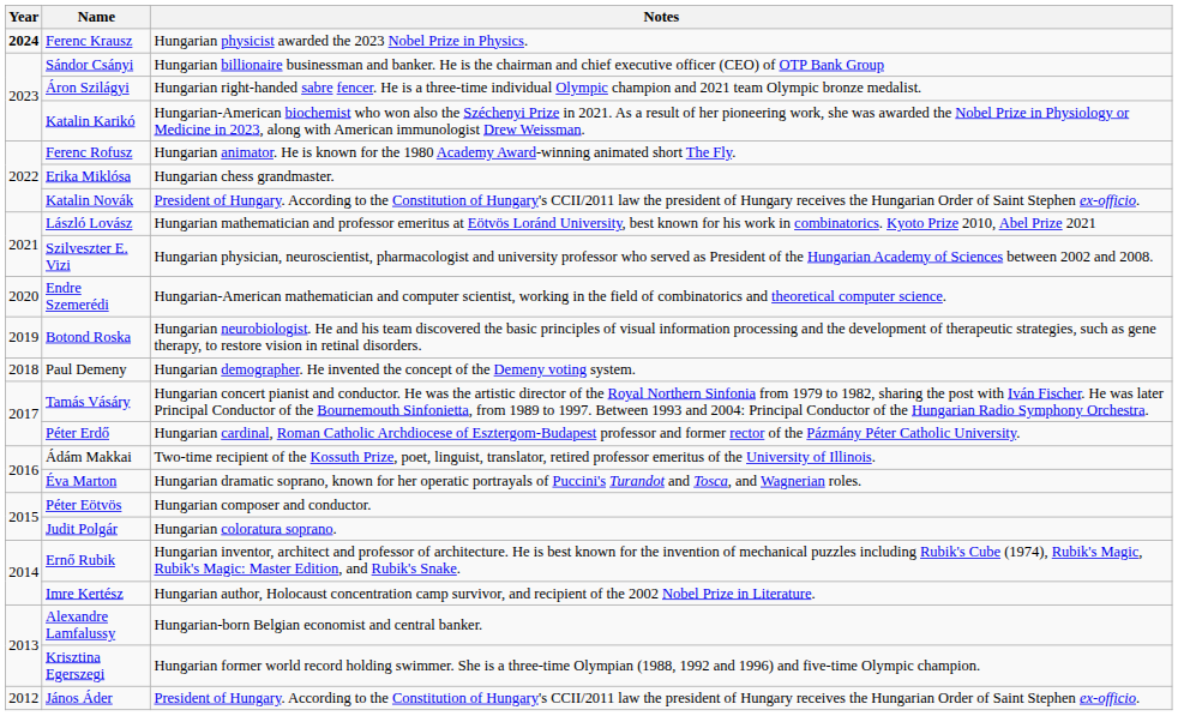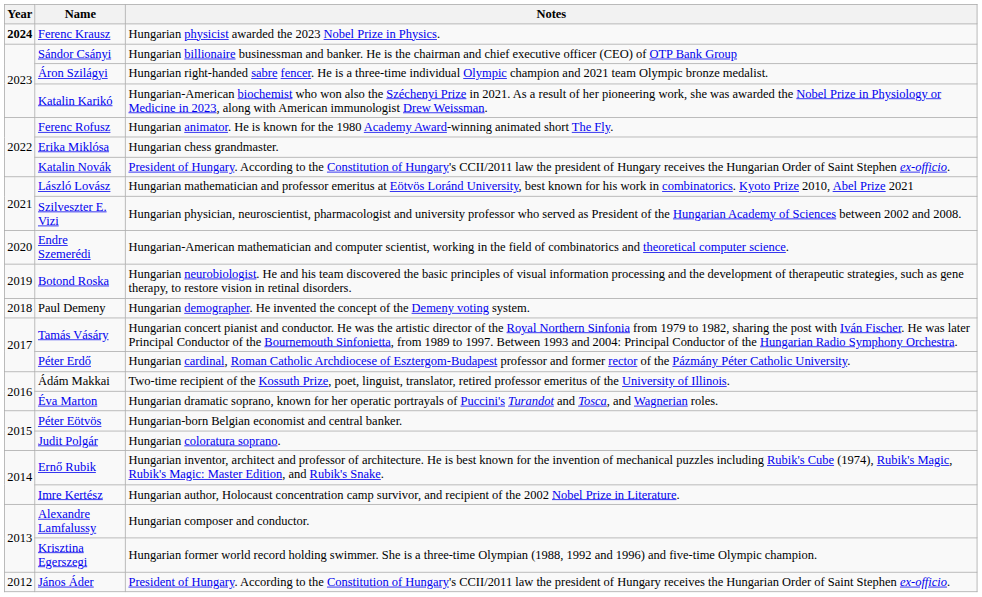 <table class="wikitable sortable">
 <tr>
 <th>Year</th>
 <th>Name</th>
 <th>Notes</th>
 </tr>
 <tr>
 <td rowspan="1”"><strong>2024</strong></td>
 <td><a href='#'>Ferenc Krausz</a></td>
 <td>Hungarian <a href='#'>physicist</a> awarded the 2023 <a href='#'>Nobel Prize in Physics</a>.</td>
 </tr>
 <tr>
 <td rowspan="3">2023</td>
 <td><a href='#'>Sándor Csányi</a></td>
 <td>Hungarian <a href='#'>billionaire</a> businessman and banker. He is the chairman and chief executive officer (CEO) of <a href='#'>OTP Bank Group</a></td>
 </tr>
 <tr>
 <td><a href='#'>Áron Szilágyi</a></td>
 <td>Hungarian right-handed <a href='#'>sabre</a> <a href='#'>fencer</a>. He is a three-time individual <a href='#'>Olympic</a> champion and 2021 team Olympic bronze medalist.</td>
 </tr>
 <tr>
 <td><a href='#'>Katalin Karikó</a></td>
 <td>Hungarian-American <a href='#'>biochemist</a> who won also the <a href='#'>Széchenyi Prize</a> in 2021. As a result of her pioneering work, she was awarded the <a href='#'>Nobel Prize in Physiology or Medicine in 2023</a>, along with American immunologist <a href='#'>Drew Weissman</a>.</td>
 </tr>
 <tr>
 <td rowspan="3">2022</td>
 <td><a href='#'>Ferenc Rofusz</a></td>
 <td>Hungarian <a href='#'>animator</a>. He is known for the 1980 <a href='#'>Academy Award</a>-winning animated short <a href='#'>The Fly</a>.</td>
 </tr>
 <tr>
 <td><a href='#'>Erika Miklósa</a></td>
 <td>Hungarian chess grandmaster.</td>
 </tr>
 <tr>
 <td><a href='#'>Katalin Novák</a></td>
 <td><a href='#'>President of Hungary</a>. According to the <a href='#'>Constitution of Hungary</a>'s CCII/2011 law  the president of Hungary receives the Hungarian Order of Saint Stephen <em><a href='#'>ex-officio</a></em>.</td>
 </tr>
 <tr>
 <td rowspan="2">2021</td>
 <td><a href='#'>László Lovász</a></td>
 <td>Hungarian mathematician and professor emeritus at <a href='#'>Eötvös Loránd University</a>, best known for his work in <a href='#'>combinatorics</a>. <a href='#'>Kyoto Prize</a> 2010, <a href='#'>Abel Prize</a> 2021</td>
 </tr>
 <tr>
 <td><a href='#'>Szilveszter E. Vizi</a></td>
 <td>Hungarian physician, neuroscientist, pharmacologist and university professor who served as President of the <a href='#'>Hungarian Academy of Sciences</a> between 2002 and 2008.</td>
 </tr>
 <tr>
 <td>2020</td>
 <td><a href='#'>Endre Szemerédi</a></td>
 <td>Hungarian-American mathematician and computer scientist, working in the field of combinatorics and <a href='#'>theoretical computer science</a>.</td>
 </tr>
 <tr>
 <td>2019</td>
 <td><a href='#'>Botond Roska</a></td>
 <td>Hungarian <a href='#'>neurobiologist</a>. He and his team discovered the basic principles of visual information processing and the development of therapeutic strategies, such as gene therapy, to restore vision in retinal disorders.</td>
 </tr>
 <tr>
 <td>2018</td>
 <td>Paul Demeny</td>
 <td>Hungarian <a href='#'>demographer</a>. He invented the concept of the <a href='#'>Demeny voting</a> system.</td>
 </tr>
 <tr>
 <td rowspan="2">2017</td>
 <td><a href='#'>Tamás Vásáry</a></td>
 <td>Hungarian concert pianist and conductor. He was the artistic director of the <a href='#'>Royal Northern Sinfonia</a> from 1979 to 1982, sharing the post with <a href='#'>Iván Fischer</a>. He was later Principal Conductor of the <a href='#'>Bournemouth Sinfonietta</a>, from 1989 to 1997. Between 1993 and 2004: Principal Conductor of the <a href='#'>Hungarian Radio Symphony Orchestra</a>.</td>
 </tr>
 <tr>
 <td><a href='#'>Péter Erdő</a></td>
 <td>Hungarian <a href='#'>cardinal</a>, <a href='#'>Roman Catholic Archdiocese of Esztergom-Budapest</a> professor and former <a href='#'>rector</a> of the <a href='#'>Pázmány Péter Catholic University</a>.</td>
 </tr>
 <tr>
 <td rowspan="2">2016</td>
 <td>Ádám Makkai</td>
 <td>Two-time recipient of the <a href='#'>Kossuth Prize</a>, poet, linguist, translator, retired professor emeritus of the <a href='#'>University of Illinois</a>.</td>
 </tr>
 <tr>
 <td><a href='#'>Éva Marton</a></td>
 <td>Hungarian dramatic soprano, known for her operatic portrayals of <a href='#'>Puccini's</a> <em><a href='#'>Turandot</a></em> and <em><a href='#'>Tosca</a></em>, and <a href='#'>Wagnerian</a> roles.</td>
 </tr>
 <tr>
 <td rowspan="2">2015</td>
 <td><a href='#'>Péter Eötvös</a></td>
-<td>Hungarian composer and conductor.</td>
+<td>Hungarian-born Belgian economist and central banker.</td>
 </tr>
 <tr>
 <td><a href='#'>Judit Polgár</a></td>
 <td>Hungarian <a href='#'>coloratura soprano</a>.</td>
 </tr>
 <tr>
 <td rowspan="2">2014</td>
 <td><a href='#'>Ernő Rubik</a></td>
 <td>Hungarian inventor, architect and professor of architecture. He is best known for the invention of mechanical puzzles including <a href='#'>Rubik's Cube</a> (1974), <a href='#'>Rubik's Magic</a>, <a href='#'>Rubik's Magic: Master Edition</a>, and <a href='#'>Rubik's Snake</a>.</td>
 </tr>
 <tr>
 <td><a href='#'>Imre Kertész</a></td>
 <td>Hungarian author, Holocaust concentration camp survivor, and recipient of the 2002 <a href='#'>Nobel Prize in Literature</a>.</td>
 </tr>
 <tr>
 <td rowspan="2">2013</td>
 <td><a href='#'>Alexandre Lamfalussy</a></td>
-<td>Hungarian-born Belgian economist and central banker.</td>
+<td>Hungarian composer and conductor.</td>
 </tr>
 <tr>
 <td><a href='#'>Krisztina Egerszegi</a></td>
 <td>Hungarian former world record holding swimmer. She is a three-time Olympian (1988, 1992 and 1996) and five-time Olympic champion.</td>
 </tr>
 <tr>
 <td>2012</td>
 <td><a href='#'>János Áder</a></td>
 <td><a href='#'>President of Hungary</a>. According to the <a href='#'>Constitution of Hungary</a>'s CCII/2011 law  the president of Hungary receives the Hungarian Order of Saint Stephen <em><a href='#'>ex-officio</a></em>.</td>
 </tr>
 </table>
